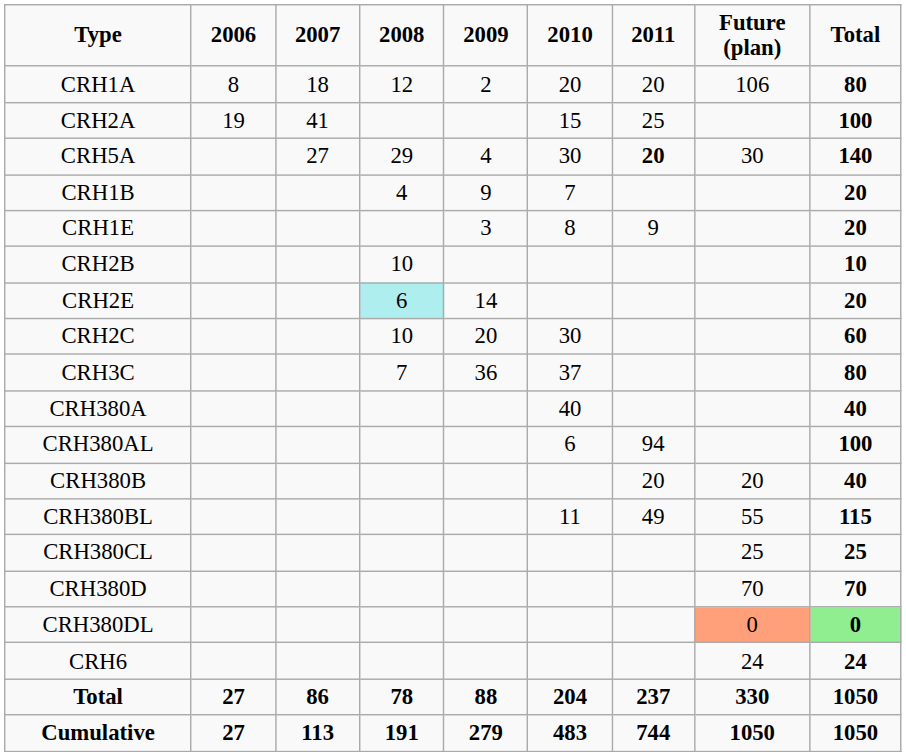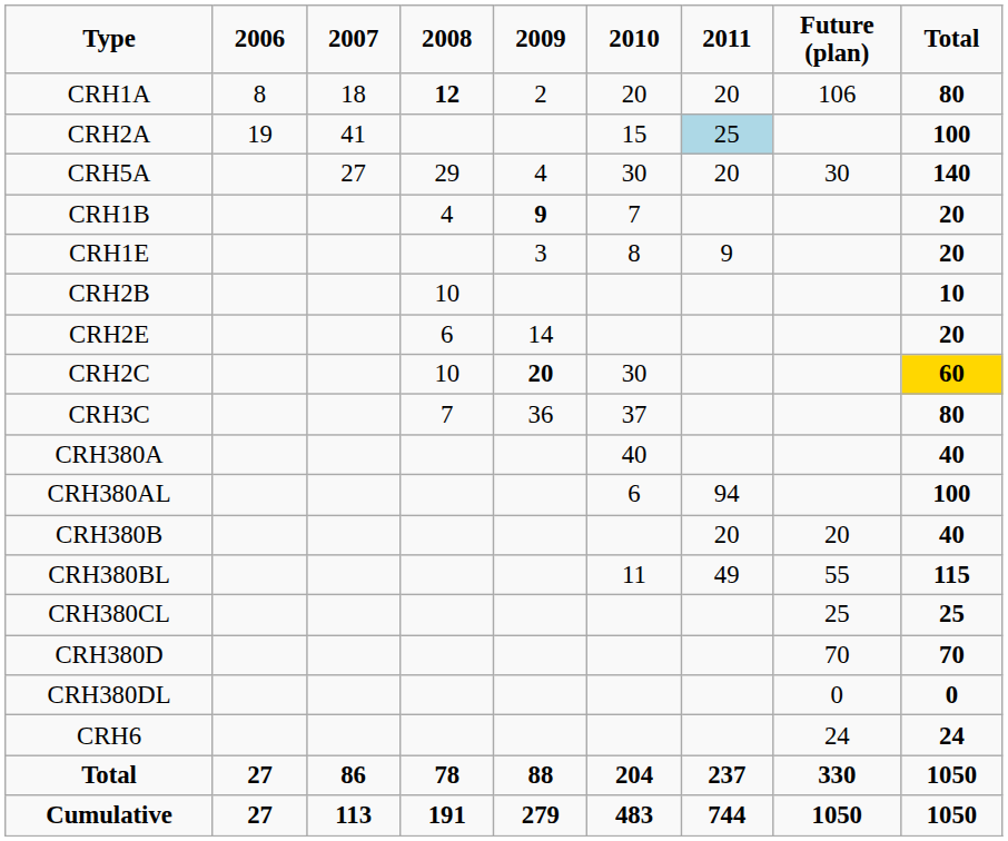 <table class="wikitable" width=50% style="font-size:100%;text-align: center;">
 <tr>
 <td><strong>Type</strong></td>
 <td><strong>2006</strong></td>
 <td><strong>2007</strong></td>
 <td><strong>2008</strong></td>
 <td><strong>2009</strong><br></td>
 <td><strong>2010</strong><br></td>
 <td><strong>2011</strong><br></td>
 <td><strong>Future <br> (plan)</strong> <br></td>
 <td><strong>Total</strong></td>
 </tr>
 <tr>
 <td align=center>CRH1A</td>
 <td align=center>8</td>
 <td align=center>18</td>
-<td align=center>12</td>
+<td align=center><strong>12</strong></td>
 <td align=center>2</td>
 <td align=center>20</td>
 <td align=center>20</td>
 <td align=center>106</td>
 <td><strong>80</strong></td>
 </tr>
 <tr>
 <td align=center>CRH2A</td>
 <td align=center>19</td>
 <td align=center>41</td>
 <td></td>
 <td></td>
 <td align=center>15</td>
-<td align=center>25</td>
+<td align=center style="background: lightblue;">25</td>
 <td></td>
 <td><strong>100</strong></td>
 </tr>
 <tr>
 <td align=center>CRH5A</td>
 <td></td>
 <td align=center>27</td>
 <td align=center>29</td>
 <td align=center>4</td>
 <td align=center>30</td>
-<td align=center><strong>20</strong></td>
+<td align=center>20</td>
 <td align=center>30</td>
 <td><strong>140</strong></td>
 </tr>
 <tr>
 <td align=center>CRH1B</td>
 <td></td>
 <td></td>
 <td align=center>4</td>
-<td align=center>9</td>
+<td align=center><strong>9</strong></td>
 <td align=center>7</td>
 <td></td>
 <td></td>
 <td><strong>20</strong></td>
 </tr>
 <tr>
 <td align=center>CRH1E</td>
 <td></td>
 <td></td>
 <td></td>
 <td align=center>3</td>
 <td align=center>8</td>
 <td align=center>9</td>
 <td></td>
 <td><strong>20</strong></td>
 </tr>
 <tr>
 <td align=center>CRH2B</td>
 <td></td>
 <td></td>
 <td align=center>10</td>
 <td></td>
 <td></td>
 <td></td>
 <td></td>
 <td><strong>10</strong></td>
 </tr>
 <tr>
 <td align=center>CRH2E</td>
 <td></td>
 <td></td>
-<td align=center style="background: paleturquoise;">6</td>
+<td align=center>6</td>
 <td align=center>14</td>
 <td></td>
 <td></td>
 <td></td>
 <td><strong>20</strong></td>
 </tr>
 <tr>
 <td align=center>CRH2C</td>
 <td></td>
 <td></td>
 <td align=center>10</td>
-<td align=center>20</td>
+<td align=center><strong>20</strong></td>
 <td align=center>30</td>
 <td></td>
 <td></td>
-<td><strong>60</strong></td>
+<td style="background: gold;"><strong>60</strong></td>
 </tr>
 <tr>
 <td align=center>CRH3C</td>
 <td></td>
 <td></td>
 <td align=center>7</td>
 <td align=center>36</td>
 <td align=center>37</td>
 <td></td>
 <td></td>
 <td><strong>80</strong></td>
 </tr>
 <tr>
 <td align=center>CRH380A</td>
 <td></td>
 <td></td>
 <td></td>
 <td></td>
 <td align=center>40</td>
 <td></td>
 <td></td>
 <td><strong>40</strong></td>
 </tr>
 <tr>
 <td align=center>CRH380AL</td>
 <td></td>
 <td></td>
 <td></td>
 <td></td>
 <td align=center>6</td>
 <td align=center>94</td>
 <td></td>
 <td><strong>100</strong></td>
 </tr>
 <tr>
 <td align=center>CRH380B</td>
 <td></td>
 <td></td>
 <td></td>
 <td></td>
 <td></td>
 <td align=center>20</td>
 <td align=center>20</td>
 <td><strong>40</strong></td>
 </tr>
 <tr>
 <td align=center>CRH380BL</td>
 <td></td>
 <td></td>
 <td></td>
 <td></td>
 <td align=center>11</td>
 <td align=center>49</td>
 <td align=center>55</td>
 <td><strong>115</strong></td>
 </tr>
 <tr>
 <td align=center>CRH380CL</td>
 <td></td>
 <td></td>
 <td></td>
 <td></td>
 <td></td>
 <td></td>
 <td align=center>25</td>
 <td><strong>25</strong></td>
 </tr>
 <tr>
 <td align=center>CRH380D</td>
 <td></td>
 <td></td>
 <td></td>
 <td></td>
 <td></td>
 <td></td>
 <td align=center>70</td>
 <td><strong>70</strong></td>
 </tr>
 <tr>
 <td align=center>CRH380DL</td>
 <td></td>
 <td></td>
 <td></td>
 <td></td>
 <td></td>
 <td></td>
-<td align=center style="background: lightsalmon;">0</td>
-<td style="background: lightgreen;"><strong>0</strong></td>
+<td align=center>0</td>
+<td><strong>0</strong></td>
 </tr>
 <tr>
 <td align=center>CRH6</td>
 <td></td>
 <td></td>
 <td></td>
 <td></td>
 <td></td>
 <td></td>
 <td align=center>24</td>
 <td><strong>24</strong></td>
 </tr>
 <tr>
 <td align=center><strong>Total</strong></td>
 <td align=center><strong>27</strong></td>
 <td align=center><strong>86</strong></td>
 <td align=center><strong>78</strong></td>
 <td align=center><strong>88</strong></td>
 <td align=center><strong>204</strong></td>
 <td align=center><strong>237</strong></td>
 <td align=center><strong>330</strong></td>
 <td align=center><strong>1050</strong></td>
 </tr>
 <tr>
 <td align=center><strong>Cumulative</strong></td>
 <td align=center><strong>27</strong></td>
 <td align=center><strong>113</strong></td>
 <td align=center><strong>191</strong></td>
 <td align=center><strong>279</strong></td>
 <td align=center><strong>483</strong></td>
 <td align=center><strong>744</strong></td>
 <td align=center><strong>1050</strong></td>
 <td align=center><strong>1050</strong></td>
 </tr>
 <tr>
 </tr>
 </table>
